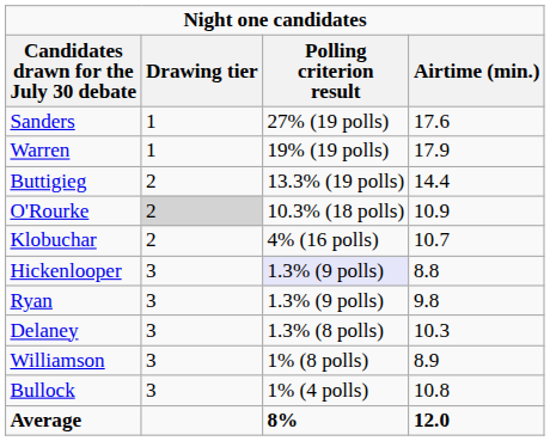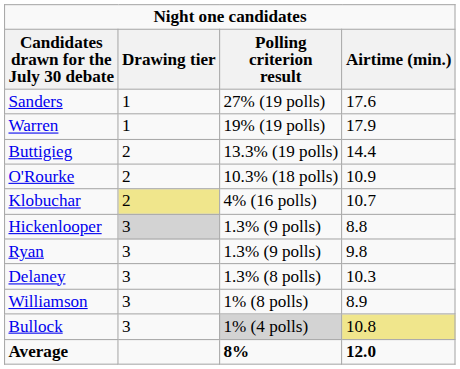 <table class="wikitable sortable" style="display:inline-table;line-height:16px;">
 <tr>
 <td colspan="4" style="text-align: center;"><strong>Night one candidates</strong></td>
 </tr>
 <tr>
 <th>Candidates<br> drawn for the<br> July 30 debate</th>
 <th>Drawing tier</th>
 <th>Polling<br> criterion<br> result</th>
 <th>Airtime (min.)</th>
 </tr>
 <tr>
 <td><a href='#'>Sanders</a></td>
 <td>1</td>
 <td>27% (19 polls)</td>
 <td>17.6</td>
 </tr>
 <tr>
 <td><a href='#'>Warren</a></td>
 <td>1</td>
 <td>19% (19 polls)</td>
 <td>17.9</td>
 </tr>
 <tr>
 <td><a href='#'>Buttigieg</a></td>
 <td>2</td>
 <td>13.3% (19 polls)</td>
 <td>14.4</td>
 </tr>
 <tr>
 <td><a href='#'>O'Rourke</a></td>
-<td style="background: lightgrey;">2</td>
+<td>2</td>
 <td>10.3% (18 polls)</td>
 <td>10.9</td>
 </tr>
 <tr>
 <td><a href='#'>Klobuchar</a></td>
-<td>2</td>
+<td style="background: khaki;">2</td>
 <td>4% (16 polls)</td>
 <td>10.7</td>
 </tr>
 <tr>
 <td><a href='#'>Hickenlooper</a></td>
-<td>3</td>
-<td style="background: lavender;">1.3% (9 polls)</td>
+<td style="background: lightgrey;">3</td>
+<td>1.3% (9 polls)</td>
 <td>8.8</td>
 </tr>
 <tr>
 <td><a href='#'>Ryan</a></td>
 <td>3</td>
 <td>1.3% (9 polls)</td>
 <td>9.8</td>
 </tr>
 <tr>
 <td><a href='#'>Delaney</a></td>
 <td>3</td>
 <td>1.3% (8 polls)</td>
 <td>10.3</td>
 </tr>
 <tr>
 <td><a href='#'>Williamson</a></td>
 <td>3</td>
 <td>1% (8 polls)</td>
 <td>8.9</td>
 </tr>
 <tr>
 <td><a href='#'>Bullock</a></td>
 <td>3</td>
-<td>1% (4 polls)</td>
-<td>10.8</td>
+<td style="background: lightgrey;">1% (4 polls)</td>
+<td style="background: khaki;">10.8</td>
 </tr>
 <tr>
 <td><strong>Average</strong></td>
 <td></td>
 <td><strong>8%</strong></td>
 <td><strong>12.0</strong></td>
 </tr>
 </table>
